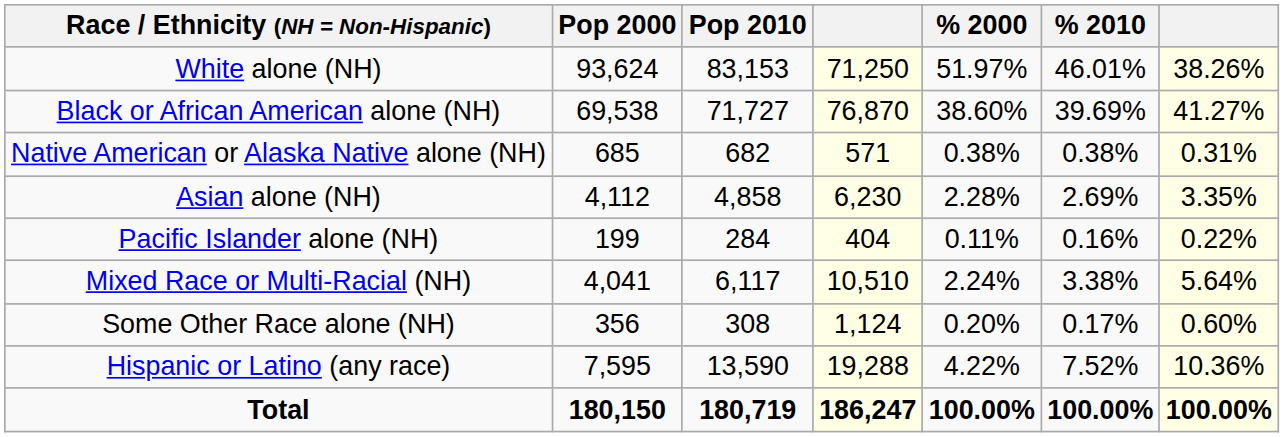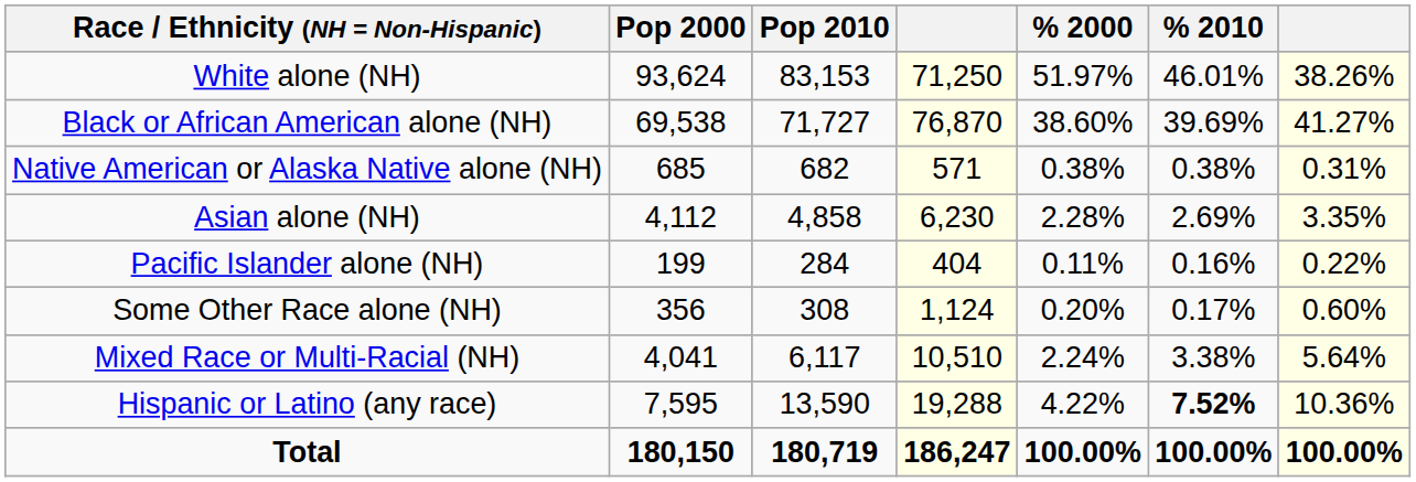 <table class="wikitable" style="text-align:center;">
 <tr>
 <th>Race / Ethnicity <small>(<em>NH = Non-Hispanic</em>)</small></th>
 <th>Pop 2000</th>
 <th>Pop 2010</th>
 <th></th>
 <th>% 2000</th>
 <th>% 2010</th>
 <th></th>
 </tr>
 <tr>
 <td><a href='#'>White</a> alone (NH)</td>
 <td>93,624</td>
 <td>83,153</td>
 <td style='background: #ffffe6;'>71,250</td>
 <td>51.97%</td>
 <td>46.01%</td>
 <td style='background: #ffffe6;'>38.26%</td>
 </tr>
 <tr>
 <td><a href='#'>Black or African American</a> alone (NH)</td>
 <td>69,538</td>
 <td>71,727</td>
 <td style='background: #ffffe6;'>76,870</td>
 <td>38.60%</td>
 <td>39.69%</td>
 <td style='background: #ffffe6;'>41.27%</td>
 </tr>
 <tr>
 <td><a href='#'>Native American</a> or <a href='#'>Alaska Native</a> alone (NH)</td>
 <td>685</td>
 <td>682</td>
 <td style='background: #ffffe6;'>571</td>
 <td>0.38%</td>
 <td>0.38%</td>
 <td style='background: #ffffe6;'>0.31%</td>
 </tr>
 <tr>
 <td><a href='#'>Asian</a> alone (NH)</td>
 <td>4,112</td>
 <td>4,858</td>
 <td style='background: #ffffe6;'>6,230</td>
 <td>2.28%</td>
 <td>2.69%</td>
 <td style='background: #ffffe6;'>3.35%</td>
 </tr>
 <tr>
 <td><a href='#'>Pacific Islander</a> alone (NH)</td>
 <td>199</td>
 <td>284</td>
 <td style='background: #ffffe6;'>404</td>
 <td>0.11%</td>
 <td>0.16%</td>
 <td style='background: #ffffe6;'>0.22%</td>
 </tr>
 <tr>
+<td>Some Other Race alone (NH)</td>
+<td>356</td>
+<td>308</td>
+<td style='background: #ffffe6;'>1,124</td>
+<td>0.20%</td>
+<td>0.17%</td>
+<td style='background: #ffffe6;'>0.60%</td>
+</tr>
+<tr>
 <td><a href='#'>Mixed Race or Multi-Racial</a> (NH)</td>
 <td>4,041</td>
 <td>6,117</td>
 <td style='background: #ffffe6;'>10,510</td>
 <td>2.24%</td>
 <td>3.38%</td>
 <td style='background: #ffffe6;'>5.64%</td>
 </tr>
 <tr>
-<td>Some Other Race alone (NH)</td>
-<td>356</td>
-<td>308</td>
-<td style='background: #ffffe6;'>1,124</td>
-<td>0.20%</td>
-<td>0.17%</td>
-<td style='background: #ffffe6;'>0.60%</td>
-</tr>
-<tr>
 <td><a href='#'>Hispanic or Latino</a> (any race)</td>
 <td>7,595</td>
 <td>13,590</td>
 <td style='background: #ffffe6;'>19,288</td>
 <td>4.22%</td>
-<td>7.52%</td>
+<td><strong>7.52%</strong></td>
 <td style='background: #ffffe6;'>10.36%</td>
 </tr>
 <tr>
 <td><strong>Total</strong></td>
 <td><strong>180,150</strong></td>
 <td><strong>180,719</strong></td>
 <td style='background: #ffffe6;'><strong>186,247</strong></td>
 <td><strong>100.00%</strong></td>
 <td><strong>100.00%</strong></td>
 <td style='background: #ffffe6;'><strong>100.00%</strong></td>
 </tr>
 </table>
